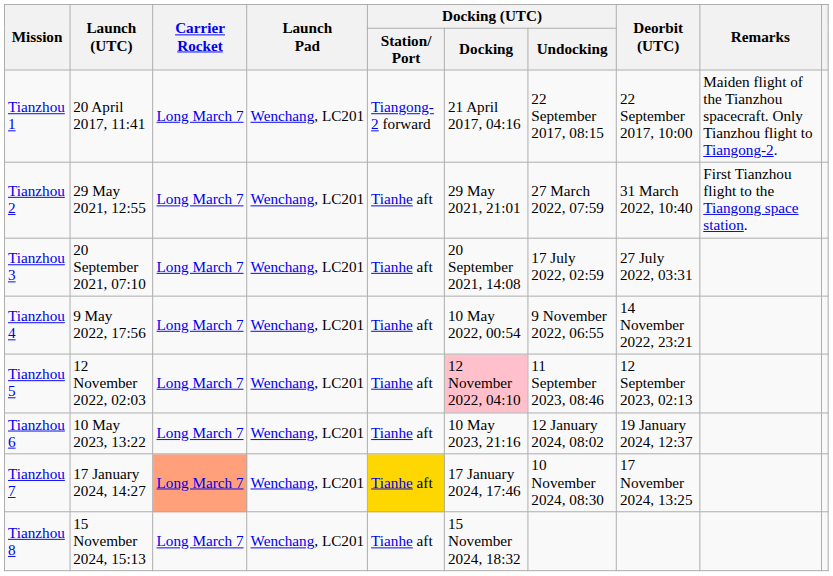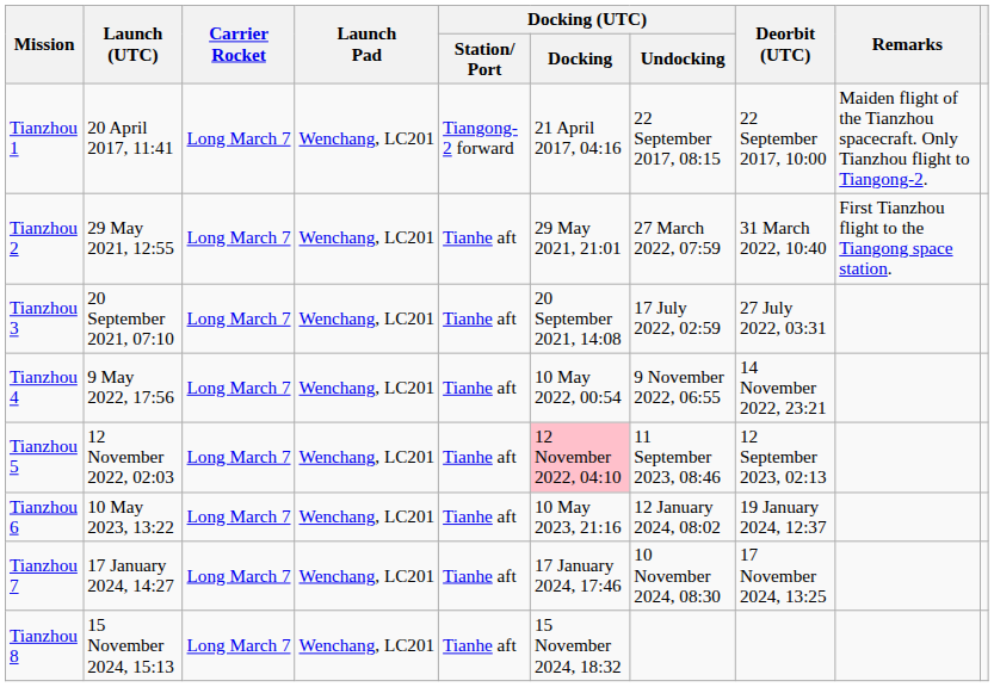 <table class="wikitable sortable" border="1">
 <tr>
 <th rowspan="2">Mission</th>
 <th rowspan=2>Launch (UTC)</th>
 <th rowspan=2><a href='#'>Carrier<br>Rocket</a></th>
 <th rowspan=2>Launch<br>Pad</th>
 <th colspan=3 class=unsortable>Docking (UTC)</th>
 <th rowspan=2>Deorbit (UTC)</th>
 <th rowspan=2 class=unsortable>Remarks</th>
 <th rowspan=2 class=unsortable></th>
 </tr>
 <tr>
 <th>Station/<br>Port</th>
 <th>Docking</th>
 <th>Undocking</th>
 </tr>
 <tr>
 <td><a href='#'>Tianzhou 1</a></td>
 <td>20 April 2017, 11:41</td>
 <td nowrap><a href='#'>Long March 7</a></td>
 <td nowrap><a href='#'>Wenchang</a>, LC201</td>
 <td><a href='#'>Tiangong-2</a> forward</td>
 <td>21 April 2017, 04:16</td>
 <td>22 September 2017, 08:15</td>
 <td>22 September 2017, 10:00</td>
 <td>Maiden flight of the Tianzhou spacecraft. Only Tianzhou flight to <a href='#'>Tiangong-2</a>.</td>
 <td></td>
 </tr>
 <tr>
 <td><a href='#'>Tianzhou 2</a></td>
 <td>29 May 2021, 12:55</td>
 <td nowrap><a href='#'>Long March 7</a></td>
 <td nowrap><a href='#'>Wenchang</a>, LC201</td>
 <td><a href='#'>Tianhe</a> aft</td>
 <td>29 May 2021, 21:01</td>
 <td>27 March 2022, 07:59</td>
 <td>31 March 2022, 10:40</td>
 <td>First Tianzhou flight to the <a href='#'>Tiangong space station</a>.</td>
 <td></td>
 </tr>
 <tr>
 <td><a href='#'>Tianzhou 3</a></td>
 <td>20 September 2021, 07:10</td>
 <td nowrap><a href='#'>Long March 7</a></td>
 <td nowrap><a href='#'>Wenchang</a>, LC201</td>
 <td><a href='#'>Tianhe</a> aft</td>
 <td>20 September 2021, 14:08</td>
 <td>17 July 2022, 02:59</td>
 <td>27 July 2022, 03:31</td>
 <td></td>
 <td></td>
 </tr>
 <tr>
 <td><a href='#'>Tianzhou 4</a></td>
 <td>9 May 2022, 17:56</td>
 <td nowrap><a href='#'>Long March 7</a></td>
 <td nowrap><a href='#'>Wenchang</a>, LC201</td>
 <td><a href='#'>Tianhe</a> aft</td>
 <td>10 May 2022, 00:54</td>
 <td>9 November 2022, 06:55</td>
 <td>14 November 2022, 23:21</td>
 <td></td>
 <td></td>
 </tr>
 <tr>
 <td><a href='#'>Tianzhou 5</a></td>
 <td>12 November 2022, 02:03</td>
 <td nowrap><a href='#'>Long March 7</a></td>
 <td nowrap><a href='#'>Wenchang</a>, LC201</td>
 <td><a href='#'>Tianhe</a> aft</td>
 <td style="background: pink;">12 November 2022, 04:10</td>
 <td>11 September 2023, 08:46</td>
 <td>12 September 2023, 02:13</td>
 <td></td>
 <td></td>
 </tr>
 <tr>
 <td><a href='#'>Tianzhou 6</a></td>
 <td>10 May 2023, 13:22</td>
 <td nowrap><a href='#'>Long March 7</a></td>
 <td nowrap><a href='#'>Wenchang</a>, LC201</td>
 <td><a href='#'>Tianhe</a> aft</td>
 <td>10 May 2023, 21:16</td>
 <td>12 January 2024, 08:02</td>
 <td>19 January 2024, 12:37</td>
 <td></td>
 <td></td>
 </tr>
 <tr>
 <td><a href='#'>Tianzhou 7</a></td>
 <td>17 January 2024, 14:27</td>
-<td nowrap style="background: lightsalmon;"><a href='#'>Long March 7</a></td>
+<td nowrap><a href='#'>Long March 7</a></td>
 <td nowrap><a href='#'>Wenchang</a>, LC201</td>
-<td style="background: gold;"><a href='#'>Tianhe</a> aft</td>
+<td><a href='#'>Tianhe</a> aft</td>
 <td>17 January 2024, 17:46</td>
 <td>10 November 2024, 08:30</td>
 <td>17 November 2024, 13:25</td>
 <td></td>
 <td></td>
 </tr>
 <tr>
 <td><a href='#'>Tianzhou 8</a></td>
 <td>15 November 2024, 15:13</td>
 <td nowrap><a href='#'>Long March 7</a></td>
 <td nowrap><a href='#'>Wenchang</a>, LC201</td>
 <td><a href='#'>Tianhe</a> aft</td>
 <td>15 November 2024, 18:32</td>
 <td></td>
 <td></td>
 <td></td>
 <td></td>
 </tr>
 </table>
